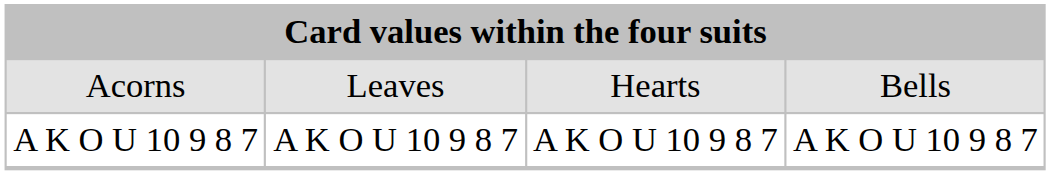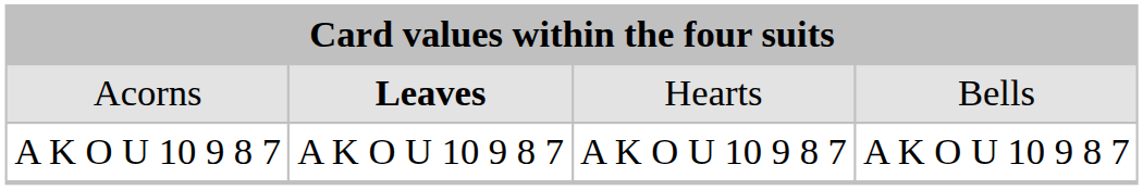 <table cellpadding="3" style="background: #c0c0c0; margin-left: 1em; border-spacing: 1px;">
 <tr align="center">
 <td colspan="4"><strong>Card values within the four suits</strong></td>
 </tr>
 <tr align="center">
 <td style="background: #e3e3e3;">Acorns</td>
-<td style="background: #e3e3e3;">Leaves</td>
+<td style="background: #e3e3e3;"><strong>Leaves</strong></td>
 <td style="background: #e3e3e3;">Hearts</td>
 <td style="background: #e3e3e3;">Bells</td>
 </tr>
 <tr align="center">
 <td style="background: #ffffff;">A K O U 10 9 8 7</td>
 <td style="background: #ffffff;">A K O U 10 9 8 7</td>
 <td style="background: #ffffff;">A K O U 10 9 8 7</td>
 <td style="background: #ffffff;">A K O U 10 9 8 7</td>
 </tr>
 <tr align="center">
 </tr>
 </table>
